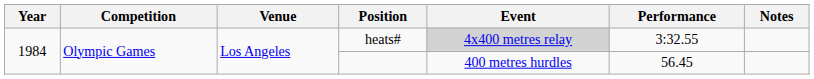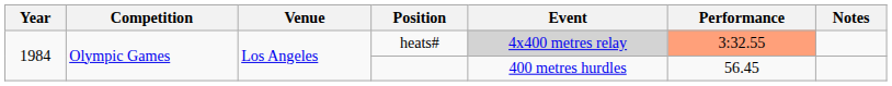 <table class="wikitable" width=65% style="font-size:90%; text-align:center;">
 <tr>
 <th>Year</th>
 <th>Competition</th>
 <th>Venue</th>
 <th>Position</th>
 <th>Event</th>
 <th>Performance</th>
 <th>Notes</th>
 </tr>
 <tr>
 <td rowspan=2>1984</td>
 <td rowspan=2 align=left><a href='#'>Olympic Games</a></td>
 <td rowspan=2 align=left> <a href='#'>Los Angeles</a></td>
 <td>heats#</td>
 <td style="background: lightgrey;"><a href='#'>4x400 metres relay</a></td>
-<td>3:32.55</td>
+<td style="background: lightsalmon;">3:32.55</td>
 <td></td>
 </tr>
 <tr>
 <td></td>
 <td><a href='#'>400 metres hurdles</a></td>
 <td>56.45</td>
 <td></td>
 </tr>
 </table>
